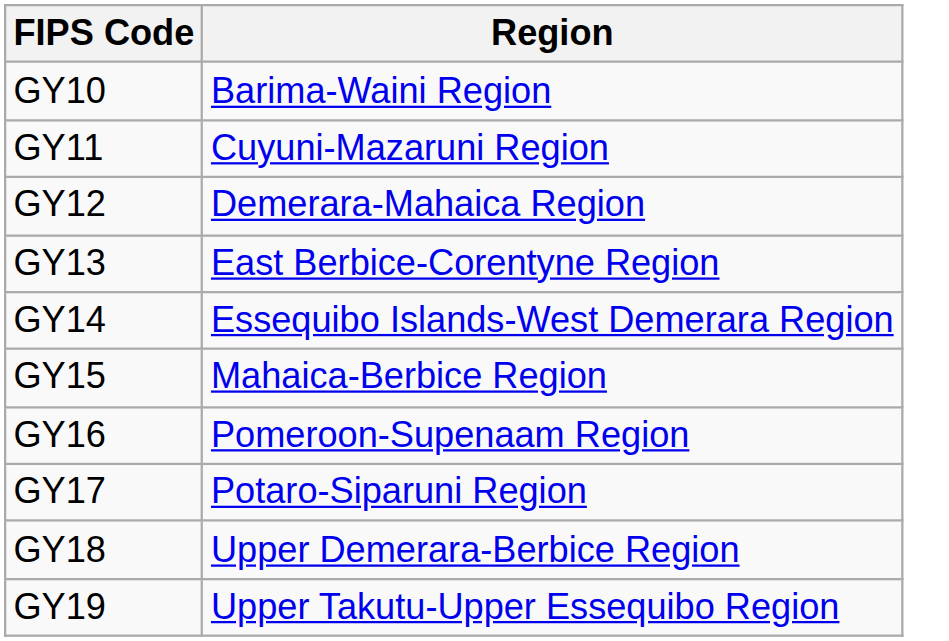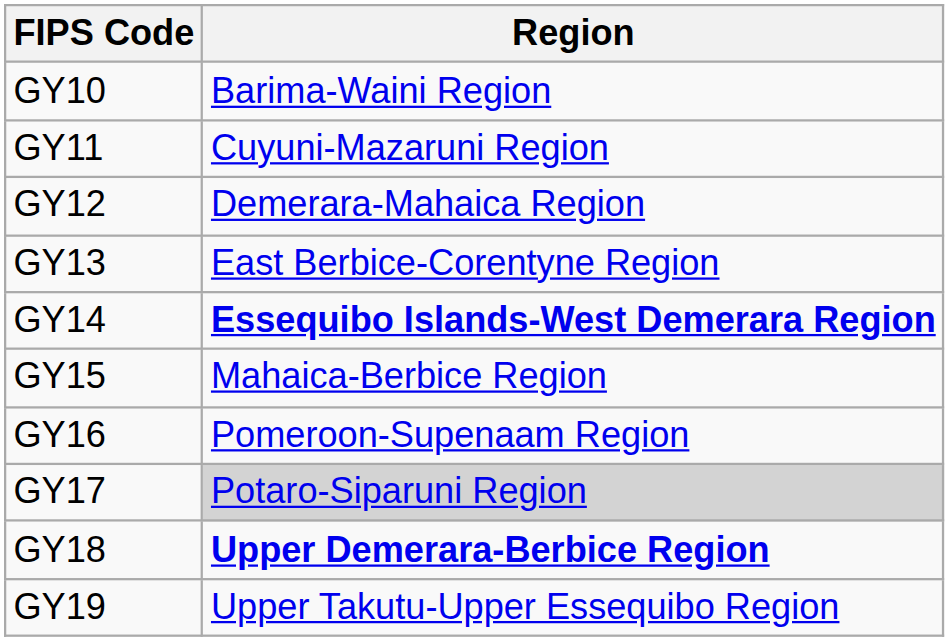 <table class="wikitable">
 <tr>
 <th>FIPS Code</th>
 <th>Region</th>
 </tr>
 <tr>
 <td>GY10</td>
 <td><a href='#'>Barima-Waini Region</a></td>
 </tr>
 <tr>
 <td>GY11</td>
 <td><a href='#'>Cuyuni-Mazaruni Region</a></td>
 </tr>
 <tr>
 <td>GY12</td>
 <td><a href='#'>Demerara-Mahaica Region</a></td>
 </tr>
 <tr>
 <td>GY13</td>
 <td><a href='#'>East Berbice-Corentyne Region</a></td>
 </tr>
 <tr>
 <td>GY14</td>
-<td><a href='#'>Essequibo Islands-West Demerara Region</a></td>
+<td><strong><a href='#'>Essequibo Islands-West Demerara Region</a></strong></td>
 </tr>
 <tr>
 <td>GY15</td>
 <td><a href='#'>Mahaica-Berbice Region</a></td>
 </tr>
 <tr>
 <td>GY16</td>
 <td><a href='#'>Pomeroon-Supenaam Region</a></td>
 </tr>
 <tr>
 <td>GY17</td>
-<td><a href='#'>Potaro-Siparuni Region</a></td>
+<td style="background: lightgrey;"><a href='#'>Potaro-Siparuni Region</a></td>
 </tr>
 <tr>
 <td>GY18</td>
-<td><a href='#'>Upper Demerara-Berbice Region</a></td>
+<td><strong><a href='#'>Upper Demerara-Berbice Region</a></strong></td>
 </tr>
 <tr>
 <td>GY19</td>
 <td><a href='#'>Upper Takutu-Upper Essequibo Region</a></td>
 </tr>
 </table>
